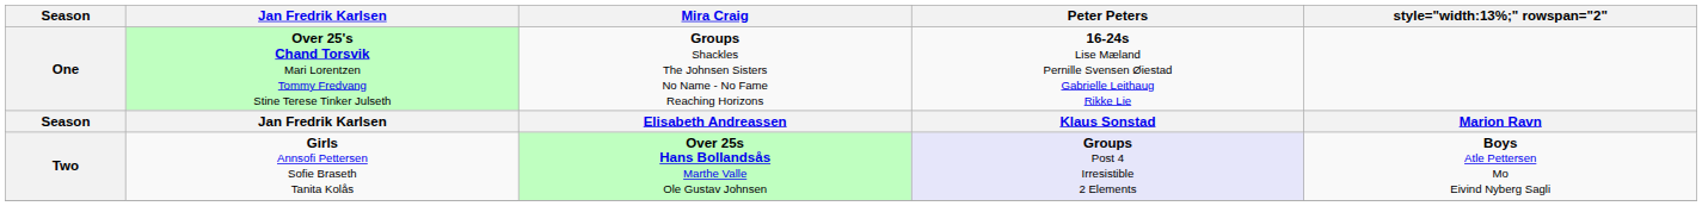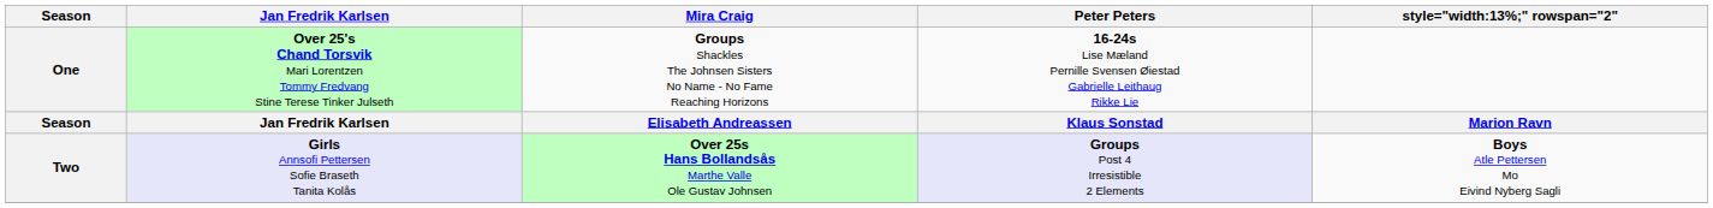 <table class="wikitable" style="text-align:center">
 <tr>
 <th style="width:4%;" scope="col">Season</th>
 <th style="width:13%;" scope="col"><a href='#'>Jan Fredrik Karlsen</a></th>
 <th style="width:13%;" scope="col"><a href='#'>Mira Craig</a></th>
 <th style="width:13%;" scope="col">Peter Peters</th>
 <th>style="width:13%;" rowspan="2"  </th>
 </tr>
 <tr>
 <th scope="row"><strong>One</strong></th>
 <td bgcolor="BFFFC0"><strong>Over 25's</strong><br><strong><a href='#'>Chand Torsvik</a></strong><br><small>Mari Lorentzen<br><a href='#'>Tommy Fredvang</a><br>Stine Terese Tinker Julseth</small></td>
 <td><strong>Groups</strong><br><small>Shackles<br>The Johnsen Sisters<br>No Name - No Fame<br>Reaching Horizons</small></td>
 <td><strong>16-24s</strong><br><small>Lise Mæland<br>Pernille Svensen Øiestad<br><a href='#'>Gabrielle Leithaug</a><br><a href='#'>Rikke Lie</a></small></td>
 </tr>
 <tr>
 <th style="width:4%;" scope="col">Season</th>
 <th style="width:13%;" scope="col">Jan Fredrik Karlsen</th>
 <th style="width:13%;" scope="col"><a href='#'>Elisabeth Andreassen</a></th>
 <th style="width:13%;" scope="col"><a href='#'>Klaus Sonstad</a></th>
 <th style="width:13%;" scope="col"><a href='#'>Marion Ravn</a></th>
 </tr>
 <tr>
 <th scope="row"><strong>Two</strong></th>
-<td><strong>Girls</strong><br><small><a href='#'>Annsofi Pettersen</a><br>Sofie Braseth<br>Tanita Kolås</small></td>
+<td style="background: lavender;"><strong>Girls</strong><br><small><a href='#'>Annsofi Pettersen</a><br>Sofie Braseth<br>Tanita Kolås</small></td>
 <td bgcolor="BFFFC0"><strong>Over 25s</strong><br><strong><a href='#'>Hans Bollandsås</a></strong><br><small><a href='#'>Marthe Valle</a><br>Ole Gustav Johnsen</small></td>
 <td style="background: lavender;"><strong>Groups</strong><br><small>Post 4<br>Irresistible<br>2 Elements</small></td>
 <td><strong>Boys</strong><br><small><a href='#'>Atle Pettersen</a><br>Mo<br>Eivind Nyberg Sagli</small></td>
 </tr>
 <tr>
 </tr>
 </table>
